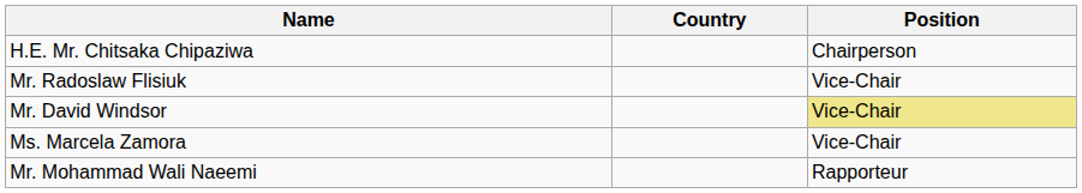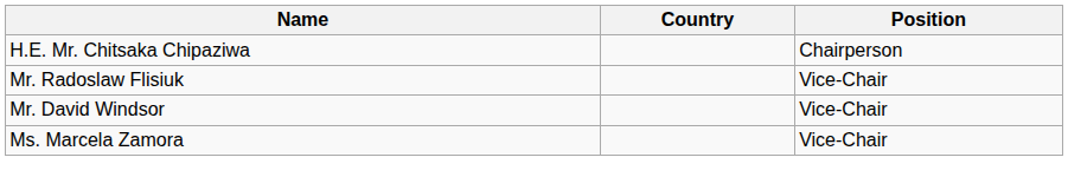 <table class="wikitable" style="display: inline-table; width: 45%">
 <tr>
 <th>Name</th>
 <th>Country</th>
 <th>Position</th>
 </tr>
 <tr>
 <td>H.E. Mr. Chitsaka Chipaziwa</td>
 <td></td>
 <td>Chairperson</td>
 </tr>
 <tr>
 <td>Mr. Radoslaw Flisiuk</td>
 <td></td>
 <td>Vice-Chair</td>
 </tr>
 <tr>
 <td>Mr. David Windsor</td>
 <td></td>
-<td style="background: khaki;">Vice-Chair</td>
+<td>Vice-Chair</td>
 </tr>
 <tr>
 <td>Ms. Marcela Zamora</td>
 <td></td>
 <td>Vice-Chair</td>
 </tr>
 <tr>
-<td>Mr. Mohammad Wali Naeemi</td>
-<td></td>
-<td>Rapporteur</td>
-</tr>
-<tr>
 </tr>
 </table>
